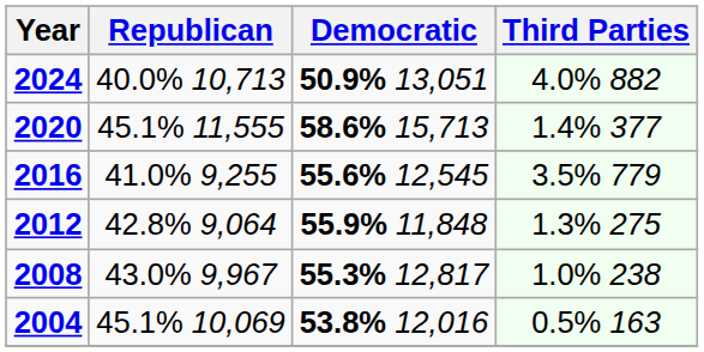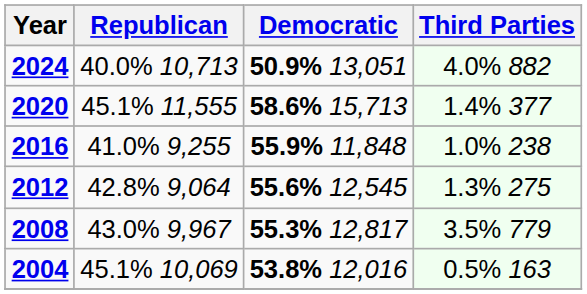 <table class="wikitable" style="float:right; font-size:95%;">
 <tr bgcolor=lightgrey>
 <th>Year</th>
 <th><a href='#'>Republican</a></th>
 <th><a href='#'>Democratic</a></th>
 <th><a href='#'>Third Parties</a></th>
 </tr>
 <tr>
 <td style="text-align:center; "><strong><a href='#'>2024</a></strong></td>
 <td style="text-align:center; ">40.0% <em>10,713</em></td>
 <td style="text-align:center; "><strong>50.9%</strong> <em>13,051</em></td>
 <td style="text-align:center; background:honeyDew;">4.0% <em>882</em></td>
 </tr>
 <tr>
 <td style="text-align:center; "><strong><a href='#'>2020</a></strong></td>
 <td style="text-align:center; ">45.1% <em>11,555</em></td>
 <td style="text-align:center; "><strong>58.6%</strong> <em>15,713</em></td>
 <td style="text-align:center; background:honeyDew;">1.4% <em>377</em></td>
 </tr>
 <tr>
 <td style="text-align:center; "><strong><a href='#'>2016</a></strong></td>
 <td style="text-align:center; ">41.0% <em>9,255</em></td>
-<td style="text-align:center; "><strong>55.6%</strong>  <em>12,545</em></td>
-<td style="text-align:center; background:honeyDew;">3.5% <em>779</em></td>
+<td style="text-align:center; "><strong>55.9%</strong>  <em>11,848</em></td>
+<td style="text-align:center; background:honeyDew;">1.0% <em>238</em></td>
 </tr>
 <tr>
 <td style="text-align:center; "><strong><a href='#'>2012</a></strong></td>
 <td style="text-align:center; ">42.8% <em>9,064</em></td>
-<td style="text-align:center; "><strong>55.9%</strong>  <em>11,848</em></td>
+<td style="text-align:center; "><strong>55.6%</strong>  <em>12,545</em></td>
 <td style="text-align:center; background:honeyDew;">1.3% <em>275</em></td>
 </tr>
 <tr>
 <td style="text-align:center; "><strong><a href='#'>2008</a></strong></td>
 <td style="text-align:center; ">43.0% <em>9,967</em></td>
 <td style="text-align:center; "><strong>55.3%</strong>  <em>12,817</em></td>
-<td style="text-align:center; background:honeyDew;">1.0% <em>238</em></td>
+<td style="text-align:center; background:honeyDew;">3.5% <em>779</em></td>
 </tr>
 <tr>
 <td style="text-align:center; "><strong><a href='#'>2004</a></strong></td>
 <td style="text-align:center; ">45.1% <em>10,069</em></td>
 <td style="text-align:center; "><strong>53.8%</strong>  <em>12,016</em></td>
 <td style="text-align:center; background:honeyDew;">0.5% <em>163</em></td>
 </tr>
 <tr>
 </tr>
 </table>
